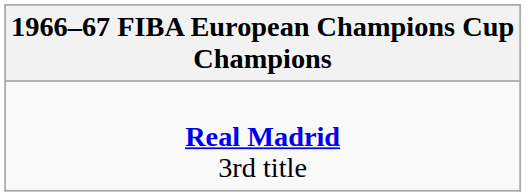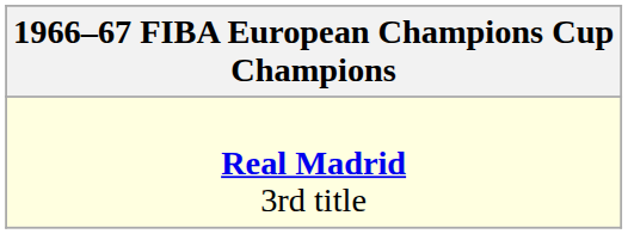 <table class=wikitable style="text-align:center; margin:auto">
 <tr>
 <th>1966–67 FIBA European Champions Cup <br>Champions</th>
 </tr>
 <tr>
-<td><br> <strong><a href='#'>Real Madrid</a></strong><br>3rd title</td>
+<td style="background: lightyellow;"><br> <strong><a href='#'>Real Madrid</a></strong><br>3rd title</td>
 </tr>
 </table>
